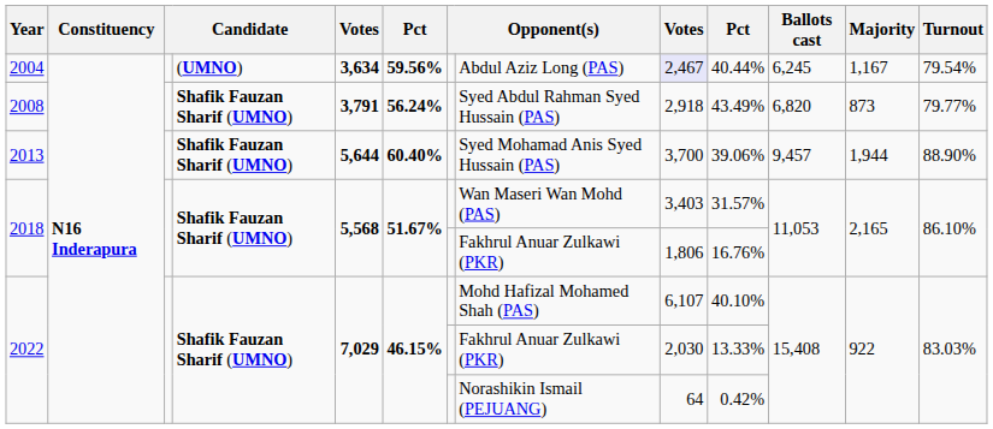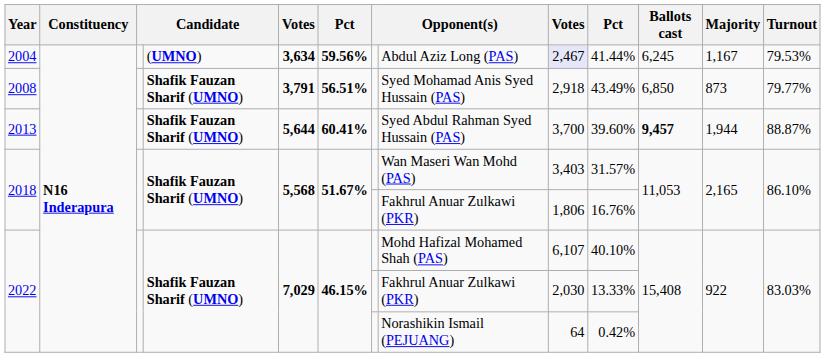 <table class="wikitable" style="margin:0.5em ; font-size:95%">
 <tr>
 <th>Year</th>
 <th>Constituency</th>
 <th colspan=2>Candidate</th>
 <th>Votes</th>
 <th>Pct</th>
 <th colspan=2>Opponent(s)</th>
 <th>Votes</th>
 <th>Pct</th>
 <th>Ballots cast</th>
 <th>Majority</th>
 <th>Turnout</th>
 </tr>
 <tr>
 <td><a href='#'>2004</a></td>
 <td rowspan=8><strong>N16 <a href='#'>Inderapura</a></strong></td>
 <td></td>
 <td> (<a href='#'><strong>UMNO</strong></a>)</td>
 <td align="right"><strong>3,634</strong></td>
 <td><strong>59.56%</strong></td>
 <td></td>
 <td>Abdul Aziz Long (<a href='#'>PAS</a>)</td>
 <td align="right" style="background: lavender;">2,467</td>
-<td>40.44%</td>
+<td>41.44%</td>
 <td>6,245</td>
 <td>1,167</td>
-<td>79.54%</td>
+<td>79.53%</td>
 </tr>
 <tr>
 <td><a href='#'>2008</a></td>
 <td></td>
 <td><strong>Shafik Fauzan Sharif</strong> (<a href='#'><strong>UMNO</strong></a>)</td>
 <td align="right"><strong>3,791</strong></td>
-<td><strong>56.24%</strong></td>
+<td><strong>56.51%</strong></td>
 <td></td>
-<td>Syed Abdul Rahman Syed Hussain (<a href='#'>PAS</a>)</td>
+<td>Syed Mohamad Anis Syed Hussain (<a href='#'>PAS</a>)</td>
 <td align="right">2,918</td>
 <td>43.49%</td>
-<td>6,820</td>
+<td>6,850</td>
 <td>873</td>
 <td>79.77%</td>
 </tr>
 <tr>
 <td><a href='#'>2013</a></td>
 <td></td>
 <td><strong>Shafik Fauzan Sharif</strong> (<a href='#'><strong>UMNO</strong></a>)</td>
 <td align="right"><strong>5,644</strong></td>
-<td><strong>60.40%</strong></td>
+<td><strong>60.41%</strong></td>
 <td></td>
-<td>Syed Mohamad Anis Syed Hussain (<a href='#'>PAS</a>)</td>
+<td>Syed Abdul Rahman Syed Hussain (<a href='#'>PAS</a>)</td>
 <td align="right">3,700</td>
-<td>39.06%</td>
-<td>9,457</td>
+<td>39.60%</td>
+<td><strong>9,457</strong></td>
 <td>1,944</td>
-<td>88.90%</td>
+<td>88.87%</td>
 </tr>
 <tr>
 <td rowspan=2><a href='#'>2018</a></td>
 <td rowspan=2 ></td>
 <td rowspan=2><strong>Shafik Fauzan Sharif</strong> (<a href='#'><strong>UMNO</strong></a>)</td>
 <td rowspan=2 align="right"><strong>5,568</strong></td>
 <td rowspan=2><strong>51.67%</strong></td>
 <td></td>
 <td>Wan Maseri Wan Mohd (<a href='#'>PAS</a>)</td>
 <td align="right">3,403</td>
 <td>31.57%</td>
 <td rowspan=2>11,053</td>
 <td rowspan=2>2,165</td>
 <td rowspan=2>86.10%</td>
 </tr>
 <tr>
 <td></td>
 <td>Fakhrul Anuar Zulkawi (<a href='#'>PKR</a>)</td>
 <td align="right">1,806</td>
 <td>16.76%</td>
 </tr>
 <tr>
 <td rowspan=3><a href='#'>2022</a></td>
 <td rowspan=3 ></td>
 <td rowspan=3><strong>Shafik Fauzan Sharif</strong> (<a href='#'><strong>UMNO</strong></a>)</td>
 <td rowspan=3 align="right"><strong>7,029</strong></td>
 <td rowspan=3><strong>46.15%</strong></td>
 <td></td>
 <td>Mohd Hafizal Mohamed Shah (<a href='#'>PAS</a>)</td>
 <td align="right">6,107</td>
 <td>40.10%</td>
 <td rowspan=3>15,408</td>
 <td rowspan=3>922</td>
 <td rowspan=3>83.03%</td>
 </tr>
 <tr>
 <td></td>
 <td>Fakhrul Anuar Zulkawi (<a href='#'>PKR</a>)</td>
 <td align="right">2,030</td>
 <td>13.33%</td>
 </tr>
 <tr>
 <td></td>
 <td>Norashikin Ismail (<a href='#'>PEJUANG</a>)</td>
 <td align="right">64</td>
 <td align="right">0.42%</td>
 </tr>
 </table>
